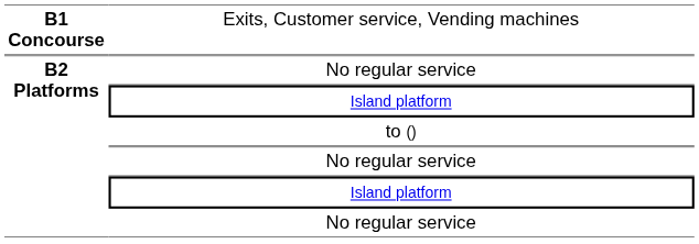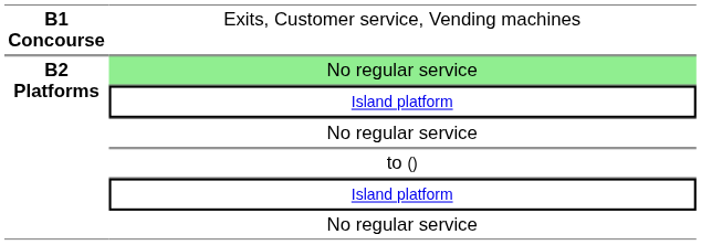 <table table border=0 cellspacing=0 cellpadding=3>
 <tr>
 <td style="border-bottom:solid 1px gray; border-top:solid 1px gray;text-align:center" valign=top><strong>B1<br>Concourse</strong></td>
 <td style="border-bottom:solid 1px gray; border-top:solid 1px gray;text-align:center;" valign=top width=500>Exits, Customer service, Vending machines</td>
 </tr>
 <tr>
 <td style="border-bottom:solid 1px gray; border-top:solid 1px gray;text-align:center" rowspan="6" valign=top><strong>B2<br>Platforms</strong></td>
-<td style="border-bottom:solid 1px gray; border-top:solid 1px gray;text-align:center;">No regular service</td>
+<td style="background: lightgreen; border-bottom:solid 1px gray; border-top:solid 1px gray;text-align:center;">No regular service</td>
 </tr>
 <tr>
 <td style="border-right:solid 2px black;border-left:solid 2px black;border-top:solid 2px black;border-bottom:solid 2px black;text-align:center;" colspan=2><small><a href='#'>Island platform</a></small></td>
 </tr>
 <tr>
-<td style="border-bottom:solid 1px gray;text-align:center;">  to  <small>()</small></td>
+<td style="border-bottom:solid 1px gray; border-top:solid 1px gray;text-align:center;">No regular service</td>
 </tr>
 <tr>
-<td style="border-bottom:solid 1px gray; border-top:solid 1px gray;text-align:center;">No regular service</td>
+<td style="border-bottom:solid 1px gray; border-top:solid 1px gray;text-align:center;"> to  <small>()</small> </td>
 </tr>
 <tr>
 <td style="border-right:solid 2px black;border-left:solid 2px black;border-top:solid 2px black;border-bottom:solid 2px black;text-align:center;" colspan=2><small><a href='#'>Island platform</a></small></td>
 </tr>
 <tr>
 <td style="border-bottom:solid 1px gray;text-align:center;">No regular service</td>
 </tr>
 </table>
